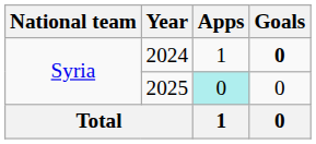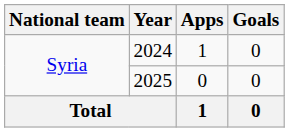 <table class="wikitable" style="text-align: center;">
 <tr>
 <th>National team</th>
 <th>Year</th>
 <th>Apps</th>
 <th>Goals</th>
 </tr>
 <tr>
 <td rowspan="2"><a href='#'>Syria</a></td>
 <td>2024</td>
 <td>1</td>
-<td><strong>0</strong></td>
+<td>0</td>
 </tr>
 <tr>
 <td>2025</td>
-<td style="background: paleturquoise;">0</td>
+<td>0</td>
 <td>0</td>
 </tr>
 <tr>
 <th colspan="2">Total</th>
 <th>1</th>
 <th>0</th>
 </tr>
 </table>
